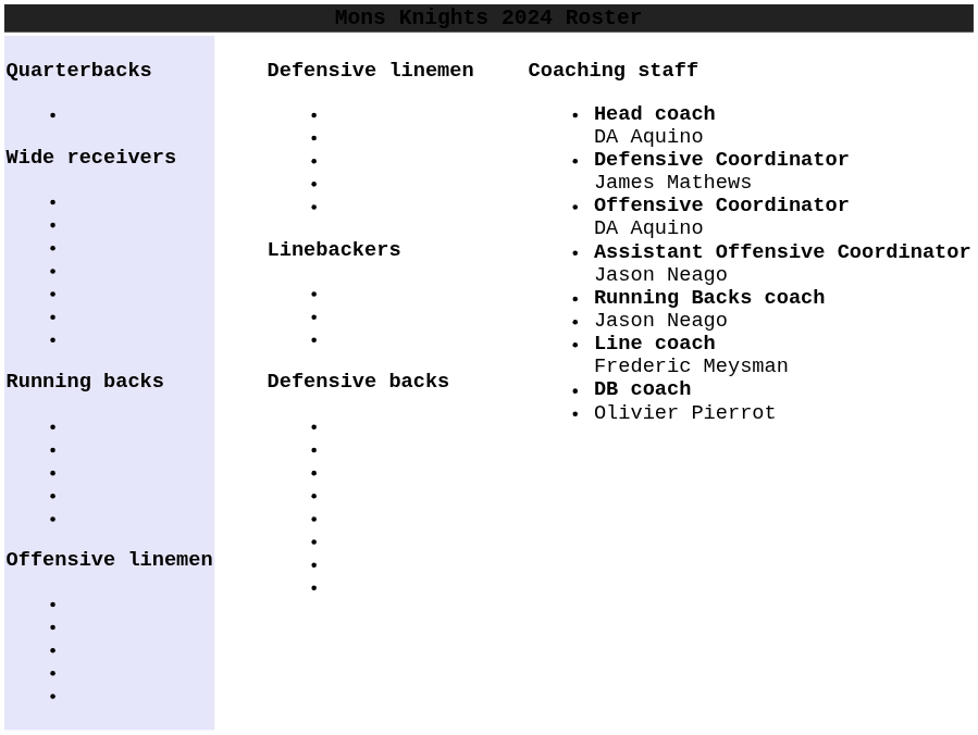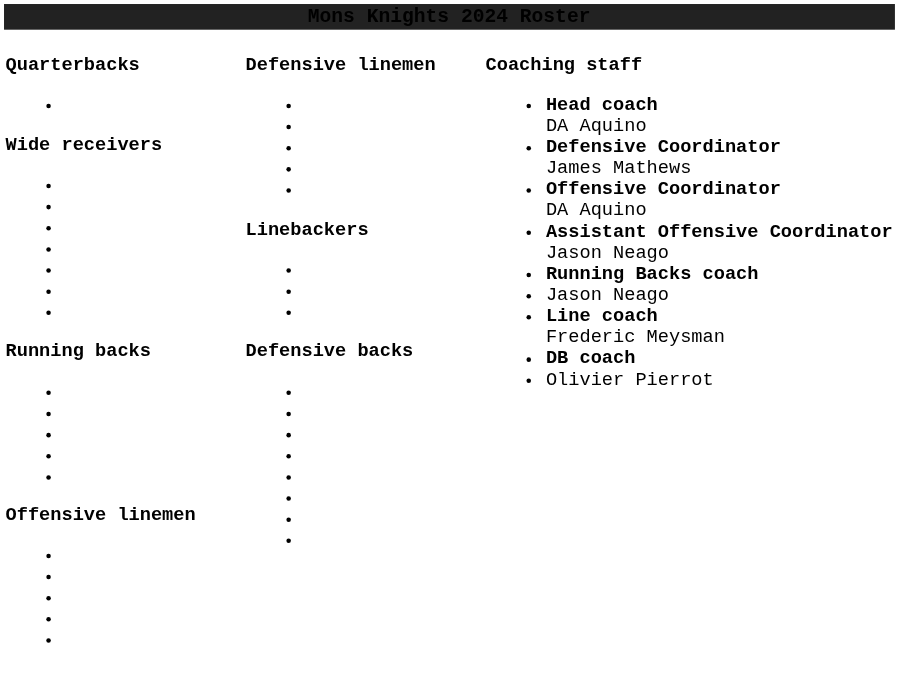 <table class="toccolours">
 <tr>
 <th colspan="7" style="background-color:#222222; text-align: center;"><span>Mons Knights 2024 Roster </span></th>
 </tr>
 <tr>
-<td style="background: lavender; font-size: 95%;" valign="top"><br><strong>Quarterbacks</strong> <ul><li></li></ul><strong>Wide receivers</strong><ul><li></li><li></li><li></li><li></li><li></li><li></li><li></li></ul><strong>Running backs</strong><ul><li></li><li></li><li></li><li></li><li></li></ul><strong>Offensive linemen</strong><ul><li></li><li></li><li></li><li></li><li></li></ul></td>
+<td style="font-size: 95%;" valign="top"><br><strong>Quarterbacks</strong> <ul><li></li></ul><strong>Wide receivers</strong><ul><li></li><li></li><li></li><li></li><li></li><li></li><li></li></ul><strong>Running backs</strong><ul><li></li><li></li><li></li><li></li><li></li></ul><strong>Offensive linemen</strong><ul><li></li><li></li><li></li><li></li><li></li></ul></td>
 <td style="width: 25px;"></td>
 <td style="font-size: 95%;" valign="top"><br><strong>Defensive linemen</strong><ul><li></li><li></li><li></li><li></li><li></li></ul><strong>Linebackers</strong><ul><li></li><li></li><li></li></ul><strong>Defensive backs</strong> <ul><li></li><li></li><li></li><li></li><li></li><li></li><li></li><li></li></ul></td>
 <td style="width: 25px;"></td>
 <td style="font-size: 95%;" valign="top"><br><strong>Coaching staff</strong><ul><li><strong>Head coach</strong><br>DA Aquino</li><li><strong>Defensive Coordinator</strong><br>James Mathews</li><li><strong>Offensive Coordinator</strong><br>DA Aquino</li><li><strong>Assistant Offensive Coordinator</strong><br>Jason Neago</li><li><strong>Running Backs coach</strong></li><li>Jason Neago</li><li><strong>Line coach</strong><br>Frederic Meysman</li><li><strong>DB coach</strong></li><li>Olivier Pierrot</li></ul></td>
 </tr>
 </table>
